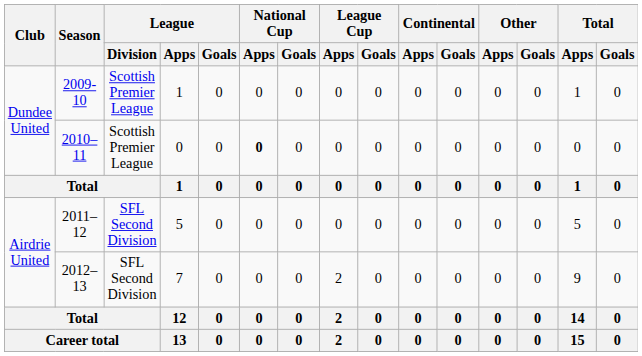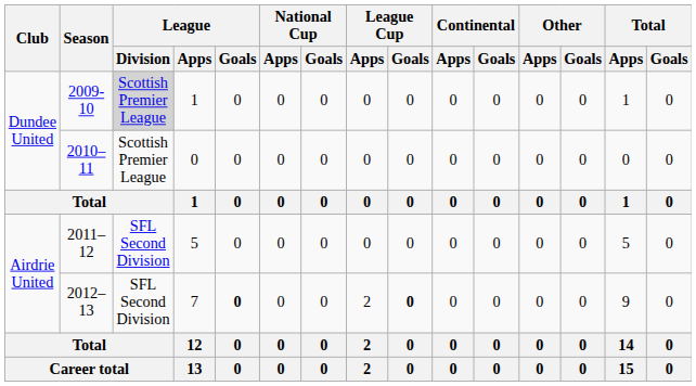 <table class="wikitable" style="text-align: center;">
 <tr>
 <th rowspan="2">Club</th>
 <th rowspan="2">Season</th>
 <th colspan="3">League</th>
 <th colspan="2">National Cup</th>
 <th colspan="2">League Cup</th>
 <th colspan="2">Continental</th>
 <th colspan="2">Other</th>
 <th colspan="2">Total</th>
 </tr>
 <tr>
 <th>Division</th>
 <th>Apps</th>
 <th>Goals</th>
 <th>Apps</th>
 <th>Goals</th>
 <th>Apps</th>
 <th>Goals</th>
 <th>Apps</th>
 <th>Goals</th>
 <th>Apps</th>
 <th>Goals</th>
 <th>Apps</th>
 <th>Goals</th>
 </tr>
 <tr>
 <td rowspan="2" valign="center"><a href='#'>Dundee United</a></td>
 <td><a href='#'>2009-10</a></td>
-<td><a href='#'>Scottish Premier League</a></td>
+<td style="background: lightgrey;"><a href='#'>Scottish Premier League</a></td>
 <td>1</td>
 <td>0</td>
 <td>0</td>
 <td>0</td>
 <td>0</td>
 <td>0</td>
 <td>0</td>
 <td>0</td>
 <td>0</td>
 <td>0</td>
 <td>1</td>
 <td>0</td>
 </tr>
 <tr>
 <td><a href='#'>2010–11</a></td>
 <td>Scottish Premier League</td>
 <td>0</td>
 <td>0</td>
-<td><strong>0</strong></td>
+<td>0</td>
 <td>0</td>
 <td>0</td>
 <td>0</td>
 <td>0</td>
 <td>0</td>
 <td>0</td>
 <td>0</td>
 <td>0</td>
 <td>0</td>
 </tr>
 <tr>
 <th colspan="3">Total</th>
 <th>1</th>
 <th>0</th>
 <th>0</th>
 <th>0</th>
 <th>0</th>
 <th>0</th>
 <th>0</th>
 <th>0</th>
 <th>0</th>
 <th>0</th>
 <th>1</th>
 <th>0</th>
 </tr>
 <tr>
 <td rowspan="2" valign="center"><a href='#'>Airdrie United</a></td>
 <td>2011–12</td>
 <td><a href='#'>SFL Second Division</a></td>
 <td>5</td>
 <td>0</td>
 <td>0</td>
 <td>0</td>
 <td>0</td>
 <td>0</td>
 <td>0</td>
 <td>0</td>
 <td>0</td>
 <td>0</td>
 <td>5</td>
 <td>0</td>
 </tr>
 <tr>
 <td>2012–13</td>
 <td>SFL Second Division</td>
 <td>7</td>
-<td>0</td>
+<td><strong>0</strong></td>
 <td>0</td>
 <td>0</td>
 <td>2</td>
-<td>0</td>
+<td><strong>0</strong></td>
 <td>0</td>
 <td>0</td>
 <td>0</td>
 <td>0</td>
 <td>9</td>
 <td>0</td>
 </tr>
 <tr>
 <th colspan="3">Total</th>
 <th>12</th>
 <th>0</th>
 <th>0</th>
 <th>0</th>
 <th>2</th>
 <th>0</th>
 <th>0</th>
 <th>0</th>
 <th>0</th>
 <th>0</th>
 <th>14</th>
 <th>0</th>
 </tr>
 <tr>
 <th colspan="3">Career total</th>
 <th>13</th>
 <th>0</th>
 <th>0</th>
 <th>0</th>
 <th>2</th>
 <th>0</th>
 <th>0</th>
 <th>0</th>
 <th>0</th>
 <th>0</th>
 <th>15</th>
 <th>0</th>
 </tr>
 </table>
